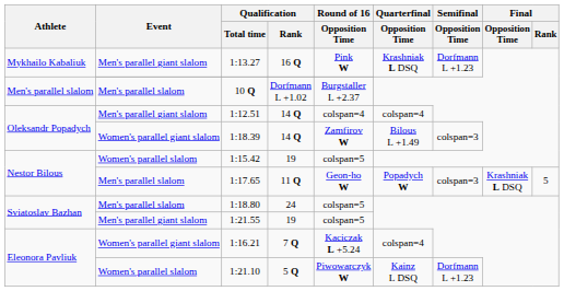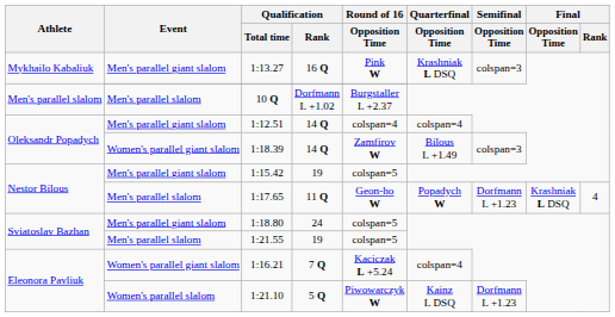 <table class=wikitable style=font-size:90%>
 <tr>
 <th rowspan=2>Athlete</th>
 <th rowspan=2>Event</th>
 <th colspan=2>Qualification</th>
 <th>Round of 16</th>
 <th>Quarterfinal</th>
 <th>Semifinal</th>
 <th colspan=2>Final</th>
 </tr>
 <tr style=font-size:95%>
 <th>Total time</th>
 <th>Rank</th>
 <th>Opposition<br>Time</th>
 <th>Opposition<br>Time</th>
 <th>Opposition<br>Time</th>
 <th>Opposition<br>Time</th>
 <th>Rank</th>
 </tr>
 <tr align=center>
 <td align=left rowspan=2><a href='#'>Mykhailo Kabaliuk</a></td>
 <td align=left><a href='#'>Men's parallel giant slalom</a></td>
 <td>1:13.27</td>
 <td>16 <strong>Q</strong></td>
 <td> <a href='#'>Pink</a><br><strong>W</strong></td>
 <td> <a href='#'>Krashniak</a><br><strong>L</strong> DSQ</td>
-<td> <a href='#'>Dorfmann</a><br>L +1.23</td>
+<td>colspan=3 </td>
 </tr>
 <tr align=center>
 </tr>
 <tr align=center>
 <td align=left><a href='#'>Men's parallel slalom</a></td>
 <td align=left><a href='#'>Men's parallel slalom</a></td>
 <td>10 <strong>Q</strong></td>
 <td> <a href='#'>Dorfmann</a><br>L +1.02</td>
 <td> <a href='#'>Burgstaller</a><br>L +2.37</td>
 </tr>
 <tr align=center>
 <td align=left rowspan=2><a href='#'>Oleksandr Popadych</a></td>
 <td align=left><a href='#'>Men's parallel giant slalom</a></td>
 <td>1:12.51</td>
 <td>14 <strong>Q</strong></td>
 <td>colspan=4 </td>
 <td>colspan=4 </td>
 </tr>
 <tr align=center>
 <td align=left><a href='#'>Women's parallel giant slalom</a></td>
 <td>1:18.39</td>
 <td>14 <strong>Q</strong></td>
 <td> <a href='#'>Zamfirov</a><br><strong>W</strong></td>
 <td> <a href='#'>Bilous</a><br>L +1.49</td>
 <td>colspan=3 </td>
 </tr>
 <tr align=center>
 <td align=left rowspan=2><a href='#'>Nestor Bilous</a></td>
-<td align=left><a href='#'>Women's parallel slalom</a></td>
+<td align=left><a href='#'>Men's parallel giant slalom</a></td>
 <td>1:15.42</td>
 <td>19</td>
 <td>colspan=5 </td>
 </tr>
 <tr align=center>
 <td align=left><a href='#'>Men's parallel slalom</a></td>
 <td>1:17.65</td>
 <td>11 <strong>Q</strong></td>
 <td> <a href='#'>Geon-ho</a><br><strong>W</strong></td>
 <td> <a href='#'>Popadych</a><br><strong>W</strong></td>
-<td>colspan=3 </td>
+<td> <a href='#'>Dorfmann</a><br>L +1.23</td>
 <td> <a href='#'>Krashniak</a><br><strong>L</strong> DSQ</td>
-<td>5</td>
+<td>4</td>
 </tr>
 <tr align=center>
 <td align=left rowspan=2><a href='#'>Sviatoslav Bazhan</a></td>
-<td align=left><a href='#'>Men's parallel slalom</a></td>
+<td align=left><a href='#'>Men's parallel giant slalom</a></td>
 <td>1:18.80</td>
 <td>24</td>
 <td>colspan=5 </td>
 </tr>
 <tr align=center>
-<td align=left><a href='#'>Men's parallel giant slalom</a></td>
+<td align=left><a href='#'>Men's parallel slalom</a></td>
 <td>1:21.55</td>
 <td>19</td>
 <td>colspan=5 </td>
 </tr>
 <tr align=center>
 <td align=left rowspan=2><a href='#'>Eleonora Pavliuk</a></td>
 <td align=left><a href='#'>Women's parallel giant slalom</a></td>
 <td>1:16.21</td>
 <td>7 <strong>Q</strong></td>
 <td> <a href='#'>Kaciczak</a><br><strong>L</strong> +5.24</td>
 <td>colspan=4 </td>
 </tr>
 <tr align=center>
 <td align=left><a href='#'>Women's parallel slalom</a></td>
 <td>1:21.10</td>
 <td>5 <strong>Q</strong></td>
 <td> <a href='#'>Piwowarczyk</a><br><strong>W</strong></td>
 <td> <a href='#'>Kainz</a><br>L DSQ</td>
 <td> <a href='#'>Dorfmann</a><br>L +1.23</td>
 </tr>
 </table>
